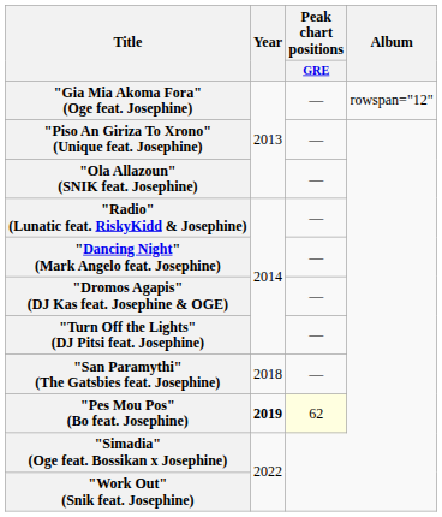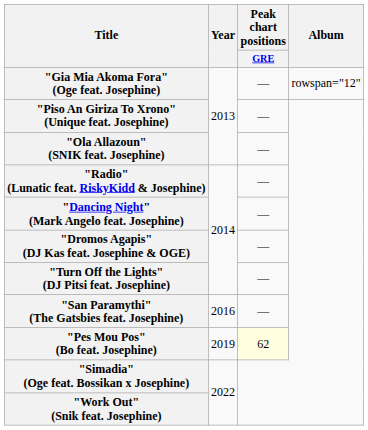 <table class="wikitable plainrowheaders" style="text-align:center;">
 <tr>
 <th scope="col" rowspan="2">Title</th>
 <th scope="col" rowspan="2">Year</th>
 <th scope="col" colspan="1">Peak chart positions</th>
 <th scope="col" rowspan="2">Album</th>
 </tr>
 <tr>
 <th scope="col" style="width:3em;font-size:85%;"><a href='#'>GRE</a><br></th>
 </tr>
 <tr>
 <th scope="row">"Gia Mia Akoma Fora"<br><span>(Oge feat. Josephine)</span></th>
 <td rowspan="3">2013</td>
 <td>—</td>
 <td>rowspan="12" </td>
 </tr>
 <tr>
 <th scope="row">"Piso An Giriza To Xrono"<br><span>(Unique feat. Josephine)</span></th>
 <td>—</td>
 </tr>
 <tr>
 <th scope="row">"Ola Allazoun"<br><span>(SNIK feat. Josephine)</span></th>
 <td>—</td>
 </tr>
 <tr>
 <th scope="row">"Radio"<br><span>(Lunatic feat. <a href='#'>RiskyKidd</a> & Josephine)</span></th>
 <td rowspan="4">2014</td>
 <td>—</td>
 </tr>
 <tr>
 <th scope="row">"<a href='#'>Dancing Night</a>"<br><span>(Mark Angelo feat. Josephine)</span></th>
 <td>—</td>
 </tr>
 <tr>
 <th scope="row">"Dromos Agapis"<br><span>(DJ Kas feat. Josephine & OGE)</span></th>
 <td>—</td>
 </tr>
 <tr>
 <th scope="row">"Turn Off the Lights"<br><span>(DJ Pitsi feat. Josephine)</span></th>
 <td>—</td>
 </tr>
 <tr>
 <th scope="row">"San Paramythi"<br><span>(The Gatsbies feat. Josephine)</span></th>
-<td>2018</td>
+<td>2016</td>
 <td>—</td>
 </tr>
 <tr>
 <th scope="row">"Pes Mou Pos"<br><span>(Bo feat. Josephine)</span></th>
-<td><strong>2019</strong></td>
+<td>2019</td>
 <td style="background: lightyellow;">62</td>
 </tr>
 <tr>
 <th scope="row">"Simadia"<br><span>(Oge feat. Bossikan x Josephine)</span></th>
 <td rowspan="2">2022</td>
 </tr>
 <tr>
 <th scope="row">"Work Out"<br><span>(Snik feat. Josephine)</span></th>
 </tr>
 </table>
